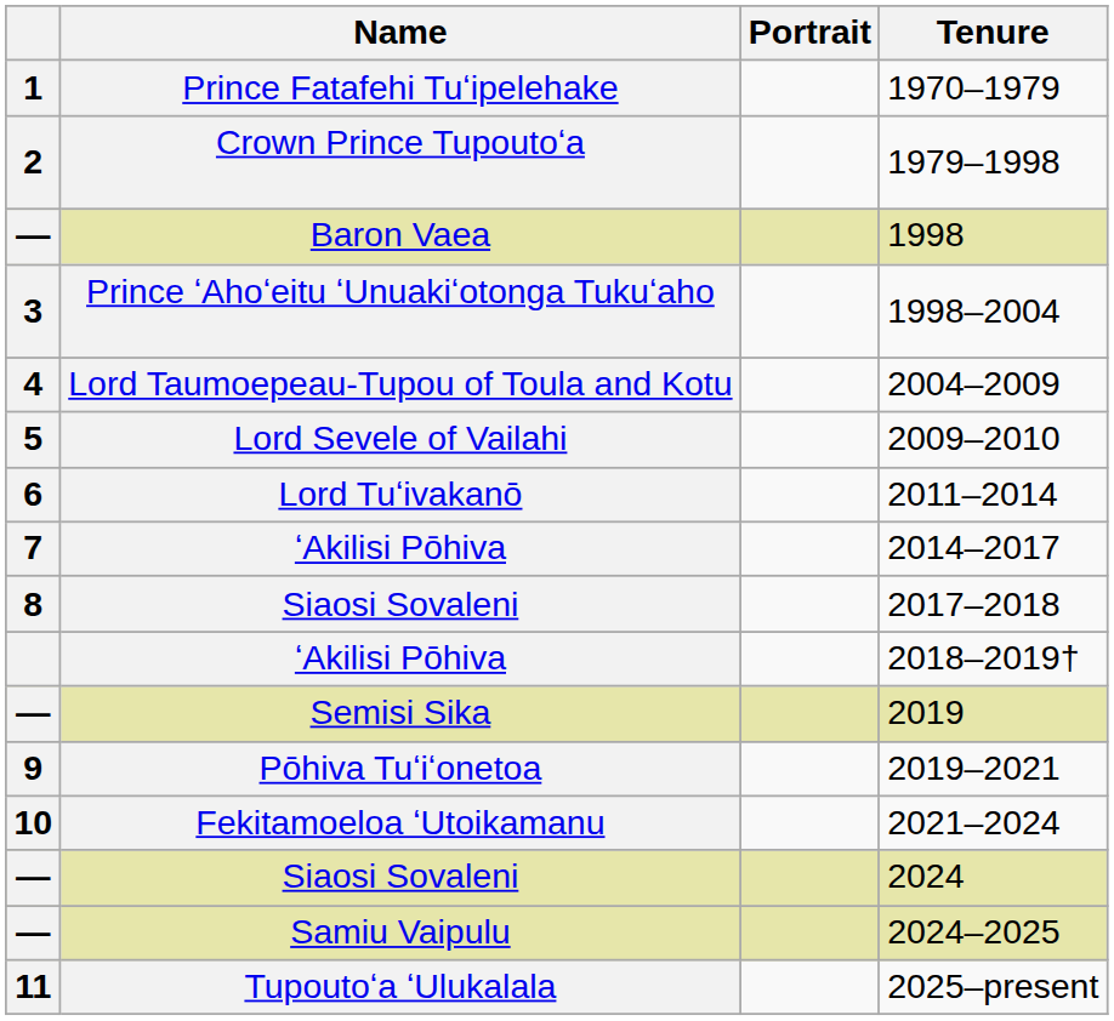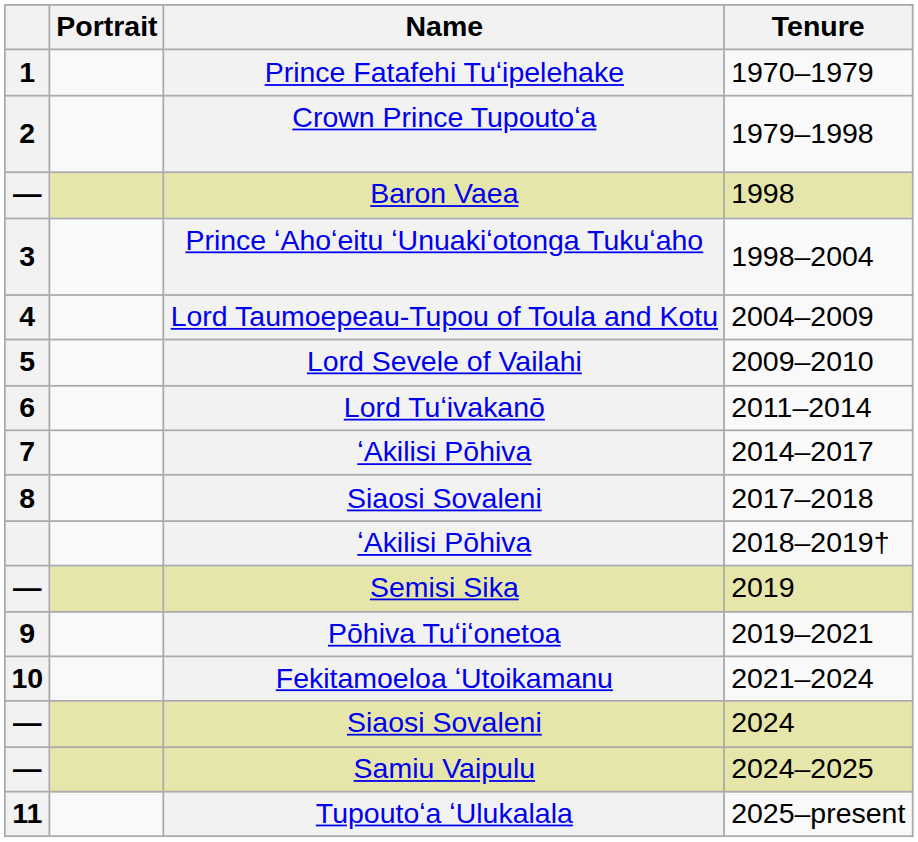 <table class="wikitable">
 <tr>
 <th></th>
+<th>Portrait</th>
 <th>Name<br></th>
-<th>Portrait</th>
 <th>Tenure</th>
 </tr>
 <tr>
 <th style="background-color:">1</th>
+<td></td>
 <th align="center" scope="row" style="font-weight:normal;"><a href='#'>Prince Fatafehi Tuʻipelehake</a><br></th>
-<td></td>
 <td>1970–1979</td>
 </tr>
 <tr>
 <th style="background-color:">2</th>
+<td></td>
 <th align="center" scope="row" style="font-weight:normal;"><a href='#'>Crown Prince Tupoutoʻa</a><br><br></th>
-<td></td>
 <td>1979–1998</td>
 </tr>
 <tr style="background:#e6e6aa;">
 <th style="background-color:">—</th>
+<td></td>
 <td align="center" scope="row" style="font-weight:normal;"><a href='#'>Baron Vaea</a><br></td>
-<td></td>
 <td>1998</td>
 </tr>
 <tr>
 <th style="background-color:">3</th>
+<td></td>
 <th align="center" scope="row" style="font-weight:normal;"><a href='#'>Prince ʻAhoʻeitu ʻUnuakiʻotonga Tukuʻaho</a><br><br></th>
-<td></td>
 <td>1998–2004</td>
 </tr>
 <tr>
 <th style="background-color:">4</th>
+<td></td>
 <th align="center" scope="row" style="font-weight:normal;"><a href='#'>Lord Taumoepeau-Tupou of Toula and Kotu</a><br></th>
-<td></td>
 <td>2004–2009</td>
 </tr>
 <tr>
 <th style="background-color:">5</th>
+<td></td>
 <th align="center" scope="row" style="font-weight:normal;"><a href='#'>Lord Sevele of Vailahi</a><br></th>
-<td></td>
 <td>2009–2010</td>
 </tr>
 <tr>
 <th style="background-color:">6</th>
+<td></td>
 <th align="center" scope="row" style="font-weight:normal;"><a href='#'>Lord Tuʻivakanō</a><br></th>
-<td></td>
 <td>2011–2014</td>
 </tr>
 <tr>
 <th style="background-color:">7</th>
+<td></td>
 <th align="center" scope="row" style="font-weight:normal;"><a href='#'>ʻAkilisi Pōhiva</a><br></th>
-<td></td>
 <td>2014–2017</td>
 </tr>
 <tr>
 <th style="background-color:">8</th>
+<td></td>
 <th align="center" scope="row" style="font-weight:normal;"><a href='#'>Siaosi Sovaleni</a><br></th>
-<td></td>
 <td>2017–2018</td>
 </tr>
 <tr>
 <th style="background-color:"></th>
+<td></td>
 <th align="center" scope="row" style="font-weight:normal;"><a href='#'>ʻAkilisi Pōhiva</a><br></th>
-<td></td>
 <td>2018–2019†</td>
 </tr>
 <tr style="background:#e6e6aa;">
 <th style="background-color:">—</th>
+<td></td>
 <td align="center" scope="row" style="font-weight:normal;"><a href='#'>Semisi Sika</a><br></td>
-<td></td>
 <td>2019</td>
 </tr>
 <tr>
 <th style="background-color:">9</th>
+<td></td>
 <th align="center" scope="row" style="font-weight:normal;"><a href='#'>Pōhiva Tuʻiʻonetoa</a><br></th>
-<td></td>
 <td>2019–2021</td>
 </tr>
 <tr>
 <th style="background-color:">10</th>
+<td></td>
 <th align="center" scope="row" style="font-weight:normal;"><a href='#'>Fekitamoeloa ʻUtoikamanu</a><br></th>
-<td></td>
 <td>2021–2024</td>
 </tr>
 <tr style="background:#e6e6aa;">
 <th style="background-color:">—</th>
+<td></td>
 <td align="center" scope="row" style="font-weight:normal;"><a href='#'>Siaosi Sovaleni</a><br></td>
-<td></td>
 <td>2024</td>
 </tr>
 <tr style="background:#e6e6aa;">
 <th style="background-color:">—</th>
+<td></td>
 <td align="center" scope="row" style="font-weight:normal;"><a href='#'>Samiu Vaipulu</a><br></td>
-<td></td>
 <td>2024–2025</td>
 </tr>
 <tr>
 <th style="background-color:">11</th>
+<td></td>
 <th align="center" scope="row" style="font-weight:normal;"><a href='#'>Tupoutoʻa ʻUlukalala</a><br></th>
-<td></td>
 <td>2025–present</td>
 </tr>
 </table>
